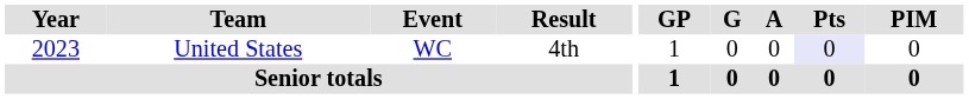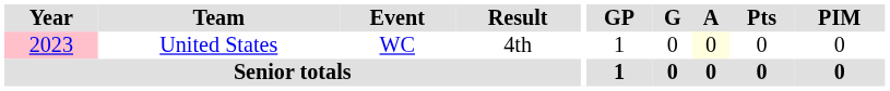 <table border="0" cellpadding="1" cellspacing="0" ID="Table3" style="text-align:center; width:40em">
 <tr ALIGN="center" bgcolor="#e0e0e0">
 <th>Year</th>
 <th>Team</th>
 <th>Event</th>
 <th>Result</th>
 <th rowspan="99" bgcolor="#ffffff"></th>
 <th>GP</th>
 <th>G</th>
 <th>A</th>
 <th>Pts</th>
 <th>PIM</th>
 </tr>
 <tr>
-<td><a href='#'>2023</a></td>
+<td style="background: pink;"><a href='#'>2023</a></td>
 <td><a href='#'>United States</a></td>
 <td><a href='#'>WC</a></td>
 <td>4th</td>
 <td>1</td>
 <td>0</td>
+<td style="background: lightyellow;">0</td>
 <td>0</td>
-<td style="background: lavender;">0</td>
 <td>0</td>
 </tr>
 <tr bgcolor="#e0e0e0">
 <th colspan="4">Senior totals</th>
 <th>1</th>
 <th>0</th>
 <th>0</th>
 <th>0</th>
 <th>0</th>
 </tr>
 </table>
